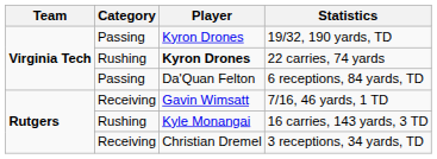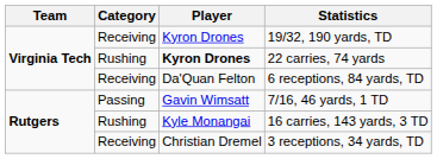 <table class="wikitable" style="float: right;">
 <tr>
 <th>Team</th>
 <th>Category</th>
 <th>Player</th>
 <th>Statistics</th>
 </tr>
 <tr>
 <td rowspan=3><strong>Virginia Tech</strong></td>
-<td>Passing</td>
+<td>Receiving</td>
 <td><a href='#'>Kyron Drones</a></td>
 <td>19/32, 190 yards, TD</td>
 </tr>
 <tr>
 <td>Rushing</td>
 <td><strong>Kyron Drones</strong></td>
 <td>22 carries, 74 yards</td>
 </tr>
 <tr>
-<td>Passing</td>
+<td>Receiving</td>
 <td>Da'Quan Felton</td>
 <td>6 receptions, 84 yards, TD</td>
 </tr>
 <tr>
 <td rowspan=3><strong>Rutgers</strong></td>
-<td>Receiving</td>
+<td>Passing</td>
 <td><a href='#'>Gavin Wimsatt</a></td>
 <td>7/16, 46 yards, 1 TD</td>
 </tr>
 <tr>
 <td>Rushing</td>
 <td><a href='#'>Kyle Monangai</a></td>
 <td>16 carries, 143 yards, 3 TD</td>
 </tr>
 <tr>
 <td>Receiving</td>
 <td>Christian Dremel</td>
 <td>3 receptions, 34 yards, TD</td>
 </tr>
 </table>
